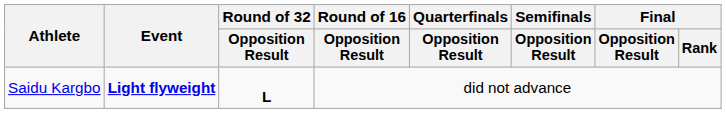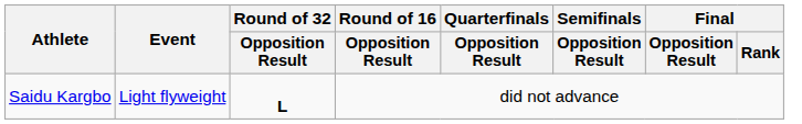 <table class="wikitable" style="font-size:90%">
 <tr>
 <th rowspan="2">Athlete</th>
 <th rowspan="2">Event</th>
 <th>Round of 32</th>
 <th>Round of 16</th>
 <th>Quarterfinals</th>
 <th>Semifinals</th>
 <th colspan=2>Final</th>
 </tr>
 <tr style="font-size:95%">
 <th>Opposition<br>Result</th>
 <th>Opposition<br>Result</th>
 <th>Opposition<br>Result</th>
 <th>Opposition<br>Result</th>
 <th>Opposition<br>Result</th>
 <th>Rank</th>
 </tr>
 <tr align=center>
 <td align=left><a href='#'>Saidu Kargbo</a></td>
-<td align=left><strong><a href='#'>Light flyweight</a></strong></td>
+<td align=left><a href='#'>Light flyweight</a></td>
 <td><br><strong>L</strong> </td>
 <td colspan=5>did not advance</td>
 </tr>
 </table>
